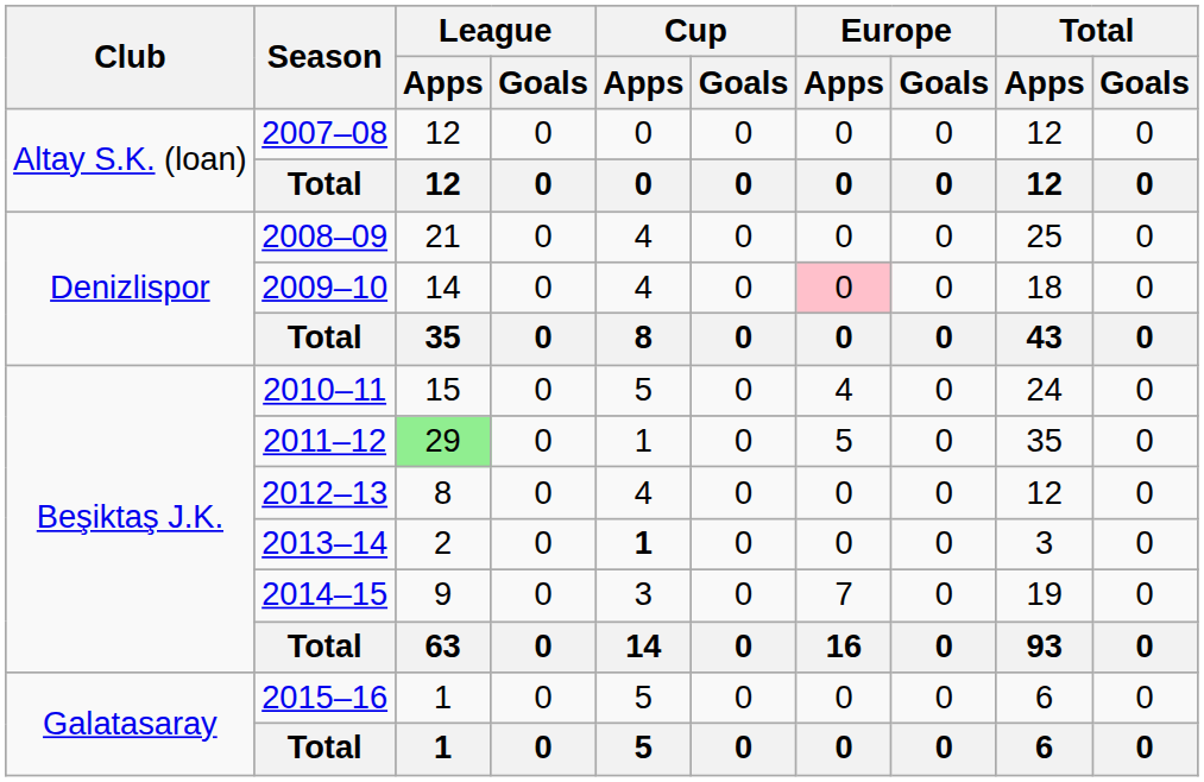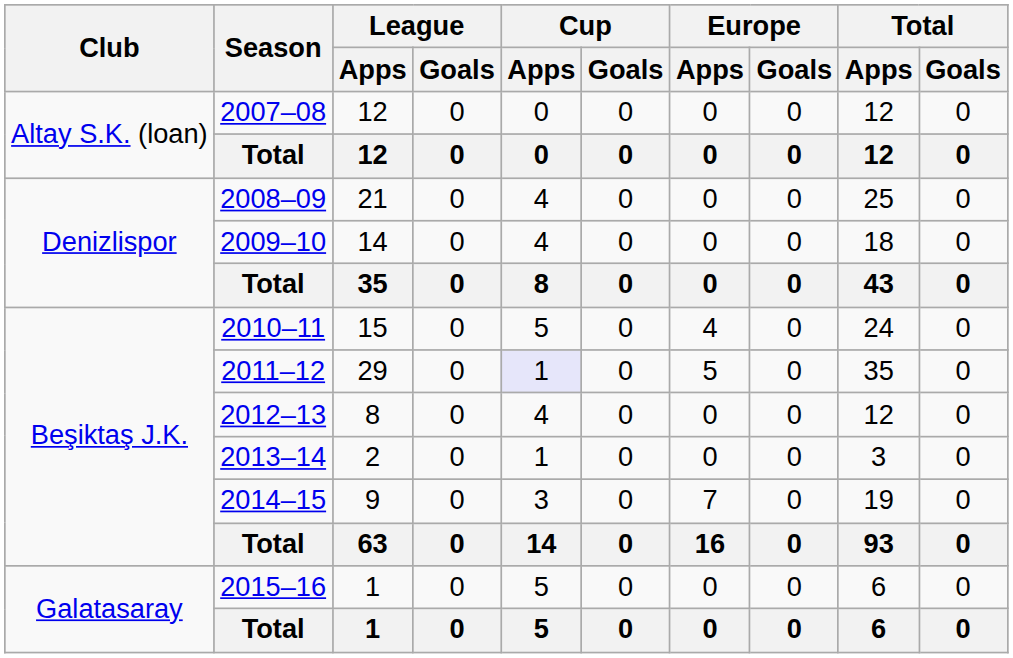 <table class="wikitable" style="text-align: center">
 <tr>
 <th rowspan="2">Club</th>
 <th rowspan="2">Season</th>
 <th colspan="2">League</th>
 <th colspan="2">Cup</th>
 <th colspan="2">Europe</th>
 <th colspan="2">Total</th>
 </tr>
 <tr>
 <th>Apps</th>
 <th>Goals</th>
 <th>Apps</th>
 <th>Goals</th>
 <th>Apps</th>
 <th>Goals</th>
 <th>Apps</th>
 <th>Goals</th>
 </tr>
 <tr>
 <td rowspan="2"><a href='#'>Altay S.K.</a> (loan)</td>
 <td><a href='#'>2007–08</a></td>
 <td>12</td>
 <td>0</td>
 <td>0</td>
 <td>0</td>
 <td>0</td>
 <td>0</td>
 <td>12</td>
 <td>0</td>
 </tr>
 <tr>
 <th>Total</th>
 <th>12</th>
 <th>0</th>
 <th>0</th>
 <th>0</th>
 <th>0</th>
 <th>0</th>
 <th>12</th>
 <th>0</th>
 </tr>
 <tr>
 <td rowspan="3"><a href='#'>Denizlispor</a></td>
 <td><a href='#'>2008–09</a></td>
 <td>21</td>
 <td>0</td>
 <td>4</td>
 <td>0</td>
 <td>0</td>
 <td>0</td>
 <td>25</td>
 <td>0</td>
 </tr>
 <tr>
 <td><a href='#'>2009–10</a></td>
 <td>14</td>
 <td>0</td>
 <td>4</td>
 <td>0</td>
-<td style="background: pink;">0</td>
+<td>0</td>
 <td>0</td>
 <td>18</td>
 <td>0</td>
 </tr>
 <tr>
 <th>Total</th>
 <th>35</th>
 <th>0</th>
 <th>8</th>
 <th>0</th>
 <th>0</th>
 <th>0</th>
 <th>43</th>
 <th>0</th>
 </tr>
 <tr>
 <td rowspan="6"><a href='#'>Beşiktaş J.K.</a></td>
 <td><a href='#'>2010–11</a></td>
 <td>15</td>
 <td>0</td>
 <td>5</td>
 <td>0</td>
 <td>4</td>
 <td>0</td>
 <td>24</td>
 <td>0</td>
 </tr>
 <tr>
 <td><a href='#'>2011–12</a></td>
-<td style="background: lightgreen;">29</td>
+<td>29</td>
 <td>0</td>
-<td>1</td>
+<td style="background: lavender;">1</td>
 <td>0</td>
 <td>5</td>
 <td>0</td>
 <td>35</td>
 <td>0</td>
 </tr>
 <tr>
 <td><a href='#'>2012–13</a></td>
 <td>8</td>
 <td>0</td>
 <td>4</td>
 <td>0</td>
 <td>0</td>
 <td>0</td>
 <td>12</td>
 <td>0</td>
 </tr>
 <tr>
 <td><a href='#'>2013–14</a></td>
 <td>2</td>
 <td>0</td>
-<td><strong>1</strong></td>
+<td>1</td>
 <td>0</td>
 <td>0</td>
 <td>0</td>
 <td>3</td>
 <td>0</td>
 </tr>
 <tr>
 <td><a href='#'>2014–15</a></td>
 <td>9</td>
 <td>0</td>
 <td>3</td>
 <td>0</td>
 <td>7</td>
 <td>0</td>
 <td>19</td>
 <td>0</td>
 </tr>
 <tr>
 <th>Total</th>
 <th>63</th>
 <th>0</th>
 <th>14</th>
 <th>0</th>
 <th>16</th>
 <th>0</th>
 <th>93</th>
 <th>0</th>
 </tr>
 <tr>
 <td rowspan="2"><a href='#'>Galatasaray</a></td>
 <td><a href='#'>2015–16</a></td>
 <td>1</td>
 <td>0</td>
 <td>5</td>
 <td>0</td>
 <td>0</td>
 <td>0</td>
 <td>6</td>
 <td>0</td>
 </tr>
 <tr>
 <th>Total</th>
 <th>1</th>
 <th>0</th>
 <th>5</th>
 <th>0</th>
 <th>0</th>
 <th>0</th>
 <th>6</th>
 <th>0</th>
 </tr>
 </table>
